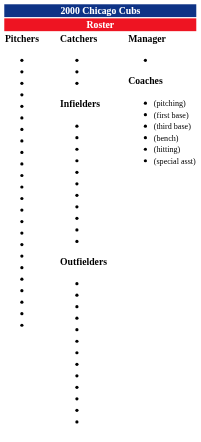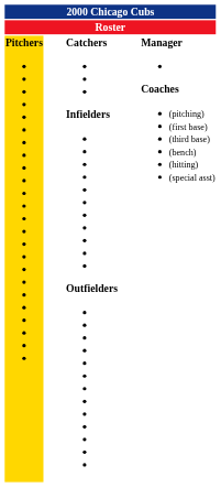 <table class="toccolours" style="font-size: 95%;">
 <tr>
 <th colspan="10" style="background-color: #0e3386; color: #FFFFFF; text-align: center;">2000 Chicago Cubs</th>
 </tr>
 <tr>
 <td colspan="10" style="background-color: #EE1422; color: #FFFFFF; text-align: center;"><strong>Roster</strong></td>
 </tr>
 <tr>
-<td valign="top"><strong>Pitchers</strong><br><ul><li></li><li></li><li></li><li></li><li></li><li></li><li></li><li></li><li></li><li></li><li></li><li></li><li></li><li></li><li></li><li></li><li></li><li></li><li></li><li></li><li></li><li></li><li></li><li></li></ul></td>
+<td valign="top" style="background: gold;"><strong>Pitchers</strong><br><ul><li></li><li></li><li></li><li></li><li></li><li></li><li></li><li></li><li></li><li></li><li></li><li></li><li></li><li></li><li></li><li></li><li></li><li></li><li></li><li></li><li></li><li></li><li></li><li></li></ul></td>
 <td width="25px"></td>
 <td valign="top"><strong>Catchers</strong><br><ul><li></li><li></li><li></li></ul><strong>Infielders</strong><ul><li></li><li></li><li></li><li></li><li></li><li></li><li></li><li></li><li></li><li></li><li></li></ul><strong>Outfielders</strong><ul><li></li><li></li><li></li><li></li><li></li><li></li><li></li><li></li><li></li><li></li><li></li><li></li><li></li></ul></td>
 <td width="25px"></td>
 <td valign="top"><strong>Manager</strong><br><ul><li></li></ul><strong>Coaches</strong><ul><li> <small>(pitching)</small></li><li> <small>(first base)</small></li><li> <small>(third base)</small></li><li> <small>(bench)</small></li><li> <small>(hitting)</small></li><li> <small>(special asst)</small></li></ul></td>
 </tr>
 </table>
